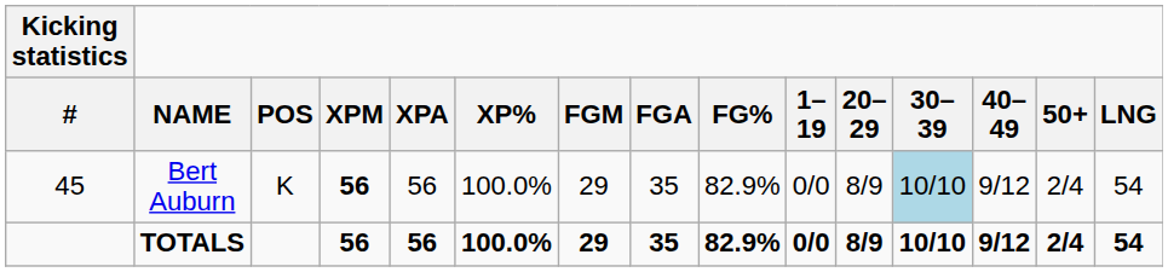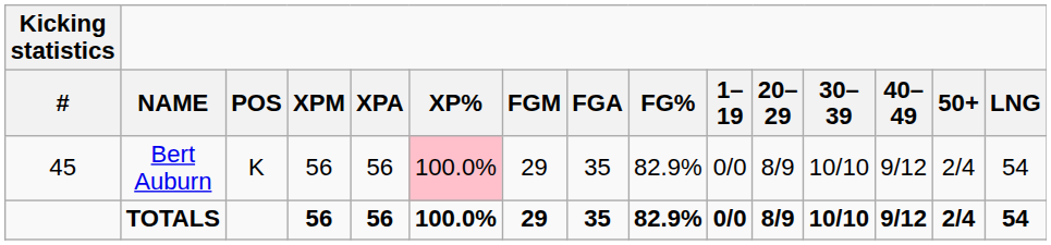 <table style="width:60%; text-align:center;" class="wikitable collapsible collapsed">
 <tr>
 <th style="text-align:center; ">Kicking statistics</th>
 </tr>
 <tr>
 <th>#</th>
 <th>NAME</th>
 <th>POS</th>
 <th>XPM</th>
 <th>XPA</th>
 <th>XP%</th>
 <th>FGM</th>
 <th>FGA</th>
 <th>FG%</th>
 <th>1–19</th>
 <th>20–29</th>
 <th>30–39</th>
 <th>40–49</th>
 <th>50+</th>
 <th>LNG</th>
 </tr>
 <tr>
 <td>45</td>
 <td><a href='#'>Bert Auburn</a></td>
 <td>K</td>
-<td><strong>56</strong></td>
 <td>56</td>
-<td>100.0%</td>
+<td>56</td>
+<td style="background: pink;">100.0%</td>
 <td>29</td>
 <td>35</td>
 <td>82.9%</td>
 <td>0/0</td>
 <td>8/9</td>
-<td style="background: lightblue;">10/10</td>
+<td>10/10</td>
 <td>9/12</td>
 <td>2/4</td>
 <td>54</td>
 </tr>
 <tr>
 <td></td>
 <td><strong>TOTALS</strong></td>
 <td></td>
 <td><strong>56</strong></td>
 <td><strong>56</strong></td>
 <td><strong>100.0%</strong></td>
 <td><strong>29</strong></td>
 <td><strong>35</strong></td>
 <td><strong>82.9%</strong></td>
 <td><strong>0/0</strong></td>
 <td><strong>8/9</strong></td>
 <td><strong>10/10</strong></td>
 <td><strong>9/12</strong></td>
 <td><strong>2/4</strong></td>
 <td><strong>54</strong></td>
 </tr>
 </table>
